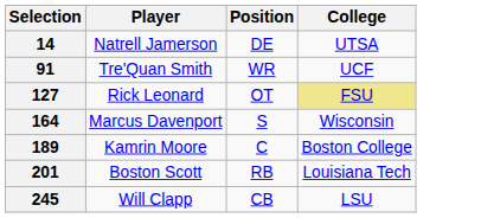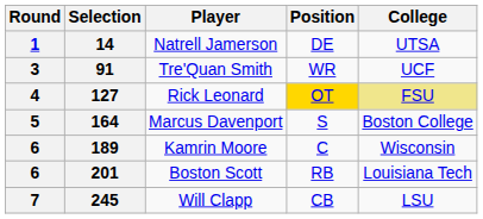 <table class="wikitable" style="text-align:center">
 <tr>
+<th>Round</th>
 <th>Selection</th>
 <th>Player</th>
 <th>Position</th>
 <th>College</th>
 </tr>
 <tr>
+<th><a href='#'>1</a></th>
 <th>14</th>
 <td><a href='#'>Natrell Jamerson</a></td>
 <td><a href='#'>DE</a></td>
 <td><a href='#'>UTSA</a></td>
 </tr>
 <tr>
+<th>3</th>
 <th>91</th>
 <td><a href='#'>Tre'Quan Smith</a></td>
 <td><a href='#'>WR</a></td>
 <td><a href='#'>UCF</a></td>
 </tr>
 <tr>
+<th>4</th>
 <th>127</th>
 <td><a href='#'>Rick Leonard</a></td>
-<td><a href='#'>OT</a></td>
+<td style="background: gold;"><a href='#'>OT</a></td>
 <td style="background: khaki;"><a href='#'>FSU</a></td>
 </tr>
 <tr>
+<th>5</th>
 <th>164</th>
 <td><a href='#'>Marcus Davenport</a></td>
 <td><a href='#'>S</a></td>
+<td><a href='#'>Boston College</a></td>
+</tr>
+<tr>
+<th>6</th>
+<th>189</th>
+<td><a href='#'>Kamrin Moore</a></td>
+<td><a href='#'>C</a></td>
 <td><a href='#'>Wisconsin</a></td>
 </tr>
 <tr>
-<th>189</th>
-<td><a href='#'>Kamrin Moore</a></td>
-<td><a href='#'>C</a></td>
-<td><a href='#'>Boston College</a></td>
-</tr>
-<tr>
+<th>6</th>
 <th>201</th>
 <td><a href='#'>Boston Scott</a></td>
 <td><a href='#'>RB</a></td>
 <td><a href='#'>Louisiana Tech</a></td>
 </tr>
 <tr>
+<th>7</th>
 <th>245</th>
 <td><a href='#'>Will Clapp</a></td>
 <td><a href='#'>CB</a></td>
 <td><a href='#'>LSU</a></td>
 </tr>
 </table>
